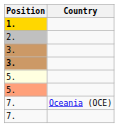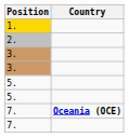 <table class=wikitable>
 <tr>
 <th>Position</th>
 <th>Country</th>
 </tr>
 <tr>
-<td bgcolor=gold><strong>1.</strong></td>
+<td bgcolor=gold>1.</td>
 <td></td>
 </tr>
 <tr>
 <td bgcolor=silver>2.</td>
 <td></td>
 </tr>
 <tr>
 <td bgcolor=CC9966>3.</td>
 <td></td>
 </tr>
 <tr>
-<td bgcolor=CC9966><strong>3.</strong></td>
+<td bgcolor=CC9966>3.</td>
 <td></td>
 </tr>
 <tr>
-<td style="background: lightyellow;">5.</td>
+<td>5.</td>
 <td></td>
 </tr>
 <tr>
-<td style="background: lightsalmon;">5.</td>
+<td>5.</td>
 <td></td>
 </tr>
 <tr>
 <td>7.</td>
-<td> <a href='#'>Oceania</a> (OCE)</td>
+<td><strong> <a href='#'>Oceania</a> (OCE)</strong></td>
 </tr>
 <tr>
 <td>7.</td>
 <td></td>
 </tr>
 </table>
